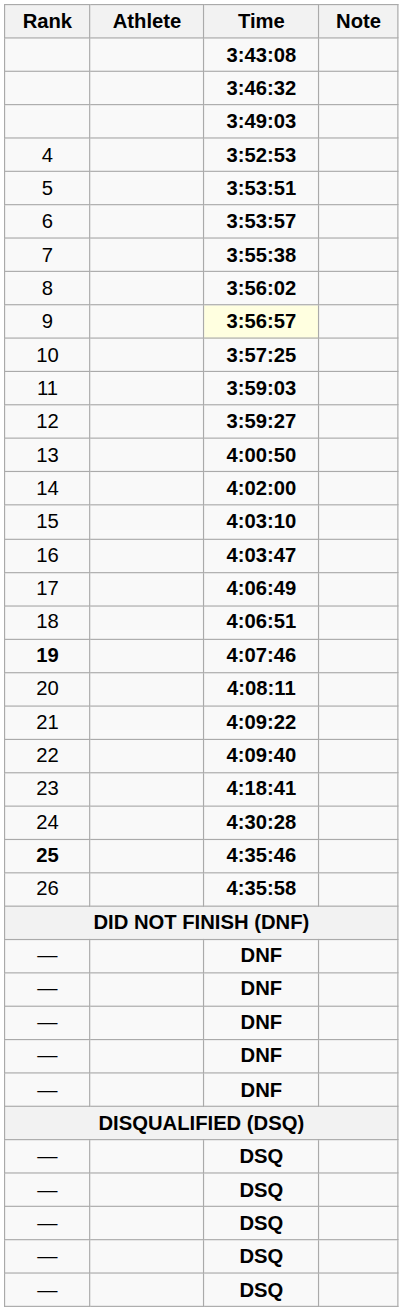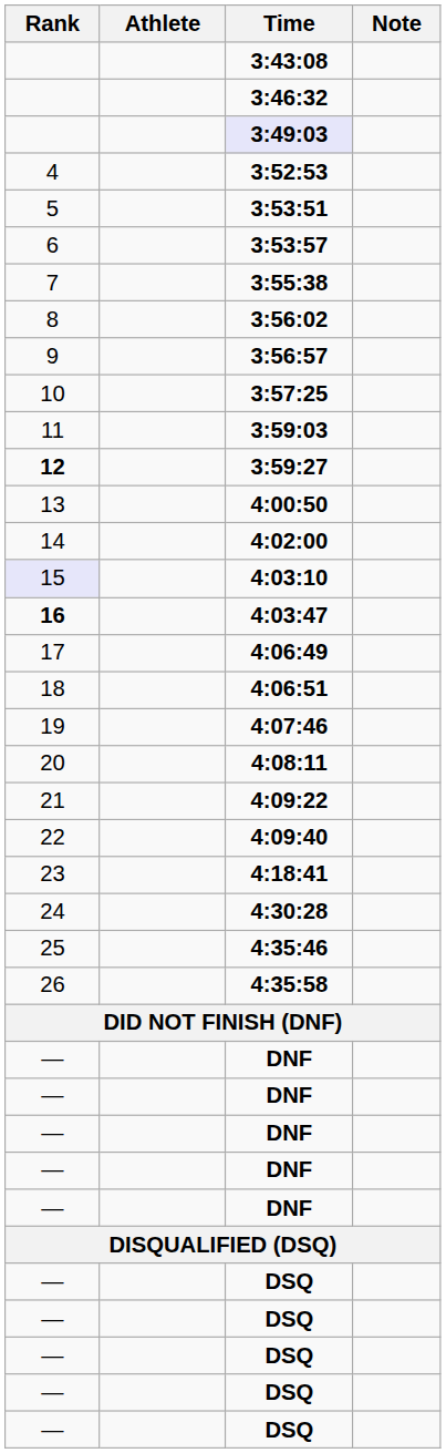 <table class="wikitable" style=" text-align:center; font-size:110%;" width="55%">
 <tr>
 <th>Rank</th>
 <th>Athlete</th>
 <th>Time</th>
 <th>Note</th>
 </tr>
 <tr>
 <td></td>
 <td align=left></td>
 <td><strong>3:43:08</strong></td>
 <td></td>
 </tr>
 <tr>
 <td></td>
 <td align=left></td>
 <td><strong>3:46:32</strong></td>
 <td></td>
 </tr>
 <tr>
 <td></td>
 <td align=left></td>
-<td><strong>3:49:03</strong></td>
+<td style="background: lavender;"><strong>3:49:03</strong></td>
 <td></td>
 </tr>
 <tr>
 <td>4</td>
 <td align=left></td>
 <td><strong>3:52:53</strong></td>
 <td></td>
 </tr>
 <tr>
 <td>5</td>
 <td align=left></td>
 <td><strong>3:53:51</strong></td>
 <td></td>
 </tr>
 <tr>
 <td>6</td>
 <td align=left></td>
 <td><strong>3:53:57</strong></td>
 <td></td>
 </tr>
 <tr>
 <td>7</td>
 <td align=left></td>
 <td><strong>3:55:38</strong></td>
 <td></td>
 </tr>
 <tr>
 <td>8</td>
 <td align=left></td>
 <td><strong>3:56:02</strong></td>
 <td></td>
 </tr>
 <tr>
 <td>9</td>
 <td align=left></td>
-<td style="background: lightyellow;"><strong>3:56:57</strong></td>
+<td><strong>3:56:57</strong></td>
 <td></td>
 </tr>
 <tr>
 <td>10</td>
 <td align=left></td>
 <td><strong>3:57:25</strong></td>
 <td></td>
 </tr>
 <tr>
 <td>11</td>
 <td align=left></td>
 <td><strong>3:59:03</strong></td>
 <td></td>
 </tr>
 <tr>
-<td>12</td>
+<td><strong>12</strong></td>
 <td align=left></td>
 <td><strong>3:59:27</strong></td>
 <td></td>
 </tr>
 <tr>
 <td>13</td>
 <td align=left></td>
 <td><strong>4:00:50</strong></td>
 <td></td>
 </tr>
 <tr>
 <td>14</td>
 <td align=left></td>
 <td><strong>4:02:00</strong></td>
 <td></td>
 </tr>
 <tr>
-<td>15</td>
+<td style="background: lavender;">15</td>
 <td align=left></td>
 <td><strong>4:03:10</strong></td>
 <td></td>
 </tr>
 <tr>
-<td>16</td>
+<td><strong>16</strong></td>
 <td align=left></td>
 <td><strong>4:03:47</strong></td>
 <td></td>
 </tr>
 <tr>
 <td>17</td>
 <td align=left></td>
 <td><strong>4:06:49</strong></td>
 <td></td>
 </tr>
 <tr>
 <td>18</td>
 <td align=left></td>
 <td><strong>4:06:51</strong></td>
 <td></td>
 </tr>
 <tr>
-<td><strong>19</strong></td>
+<td>19</td>
 <td align=left></td>
 <td><strong>4:07:46</strong></td>
 <td></td>
 </tr>
 <tr>
 <td>20</td>
 <td align=left></td>
 <td><strong>4:08:11</strong></td>
 <td></td>
 </tr>
 <tr>
 <td>21</td>
 <td align=left></td>
 <td><strong>4:09:22</strong></td>
 <td></td>
 </tr>
 <tr>
 <td>22</td>
 <td align=left></td>
 <td><strong>4:09:40</strong></td>
 <td></td>
 </tr>
 <tr>
 <td>23</td>
 <td align=left></td>
 <td><strong>4:18:41</strong></td>
 <td></td>
 </tr>
 <tr>
 <td>24</td>
 <td align=left></td>
 <td><strong>4:30:28</strong></td>
 <td></td>
 </tr>
 <tr>
-<td><strong>25</strong></td>
+<td>25</td>
 <td align=left></td>
 <td><strong>4:35:46</strong></td>
 <td></td>
 </tr>
 <tr>
 <td>26</td>
 <td align=left></td>
 <td><strong>4:35:58</strong></td>
 <td></td>
 </tr>
 <tr>
 <th colspan="4">DID NOT FINISH (DNF)</th>
 </tr>
 <tr>
 <td>—</td>
 <td align=left></td>
 <td><strong>DNF</strong></td>
 <td></td>
 </tr>
 <tr>
 <td>—</td>
 <td align=left></td>
 <td><strong>DNF</strong></td>
 <td></td>
 </tr>
 <tr>
 <td>—</td>
 <td align=left></td>
 <td><strong>DNF</strong></td>
 <td></td>
 </tr>
 <tr>
 <td>—</td>
 <td align=left></td>
 <td><strong>DNF</strong></td>
 <td></td>
 </tr>
 <tr>
 <td>—</td>
 <td align=left></td>
 <td><strong>DNF</strong></td>
 <td></td>
 </tr>
 <tr>
 <th colspan="4">DISQUALIFIED (DSQ)</th>
 </tr>
 <tr>
 <td>—</td>
 <td align=left></td>
 <td><strong>DSQ</strong></td>
 <td></td>
 </tr>
 <tr>
 <td>—</td>
 <td align=left></td>
 <td><strong>DSQ</strong></td>
 <td></td>
 </tr>
 <tr>
 <td>—</td>
 <td align=left></td>
 <td><strong>DSQ</strong></td>
 <td></td>
 </tr>
 <tr>
 <td>—</td>
 <td align=left></td>
 <td><strong>DSQ</strong></td>
 <td></td>
 </tr>
 <tr>
 <td>—</td>
 <td align=left></td>
 <td><strong>DSQ</strong></td>
 <td></td>
 </tr>
 </table>
